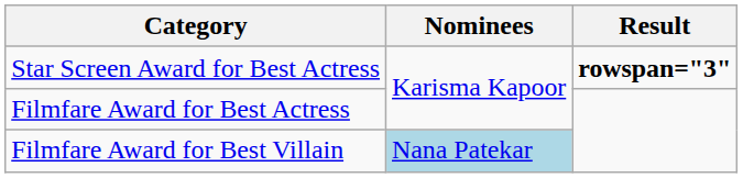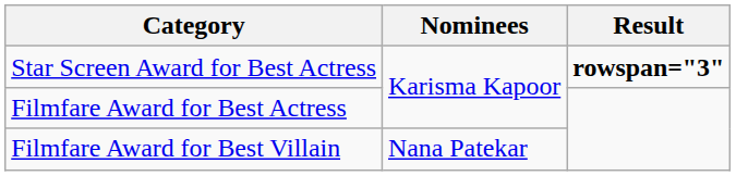 <table class="wikitable">
 <tr>
 <th>Category</th>
 <th>Nominees</th>
 <th>Result</th>
 </tr>
 <tr>
 <td><a href='#'>Star Screen Award for Best Actress</a></td>
 <td rowspan="2"><a href='#'>Karisma Kapoor</a></td>
 <td><strong>rowspan="3"<br></strong></td>
 </tr>
 <tr>
 <td><a href='#'>Filmfare Award for Best Actress</a></td>
 </tr>
 <tr>
 <td><a href='#'>Filmfare Award for Best Villain</a></td>
-<td style="background: lightblue;"><a href='#'>Nana Patekar</a></td>
+<td><a href='#'>Nana Patekar</a></td>
 </tr>
 </table>
